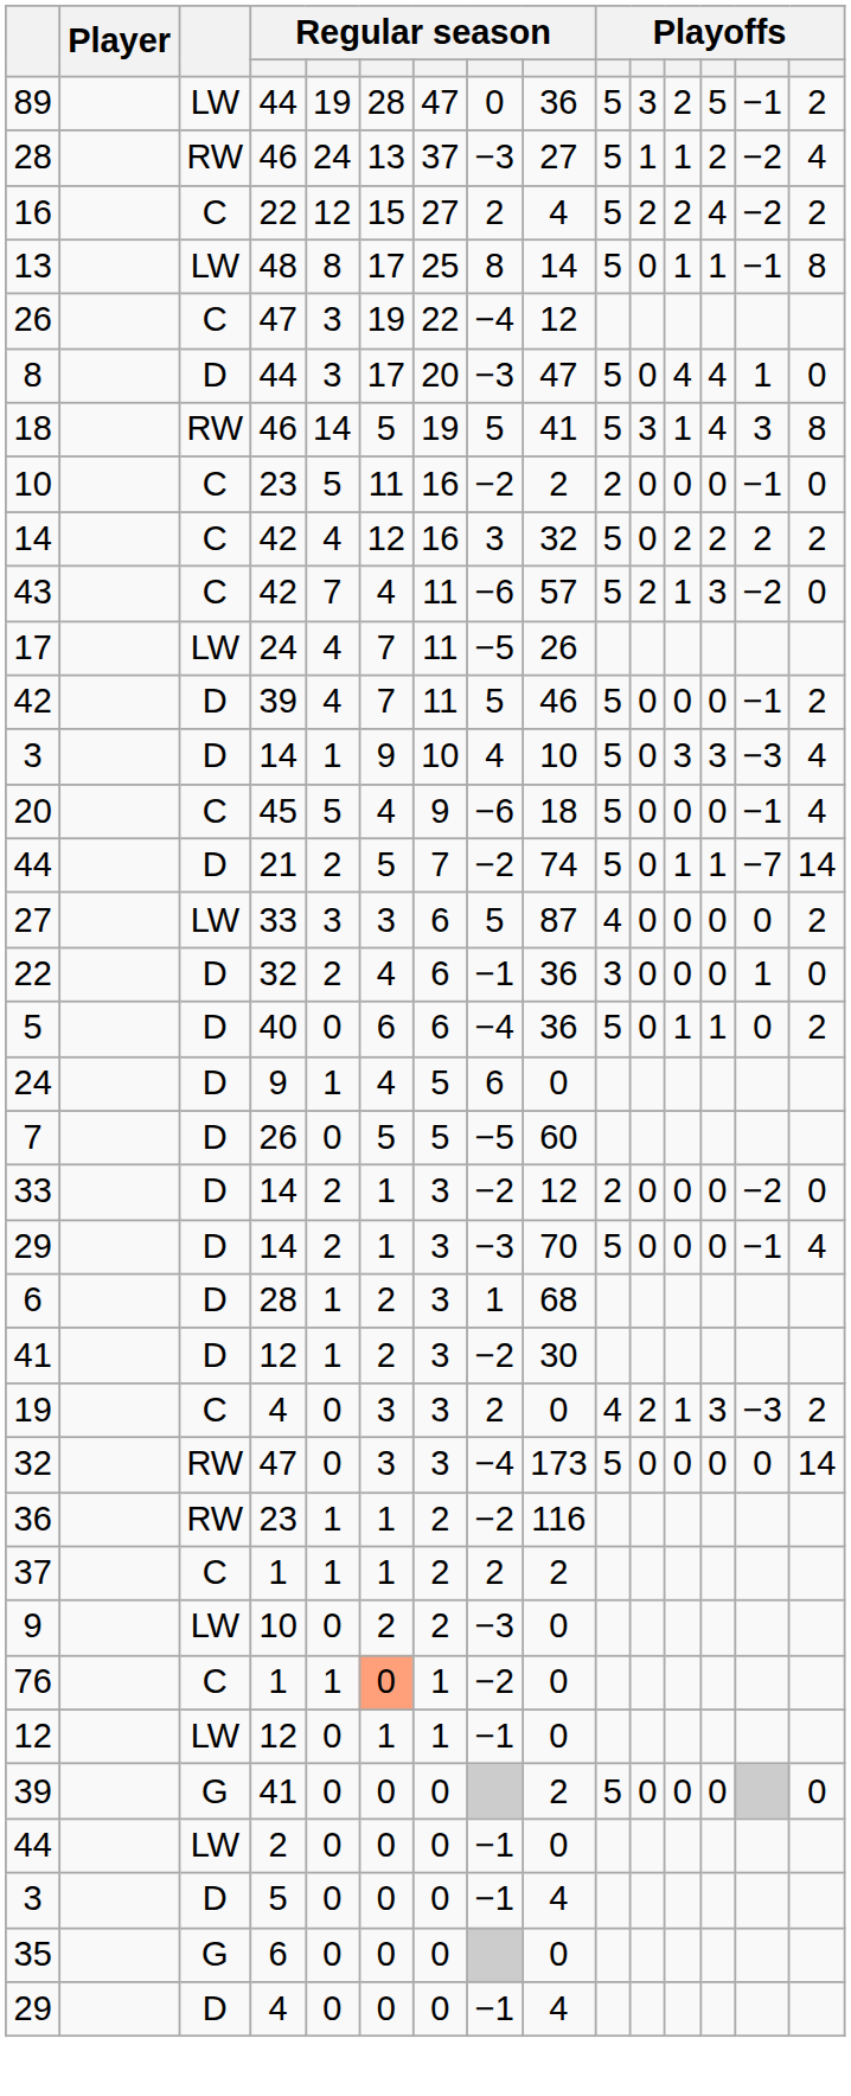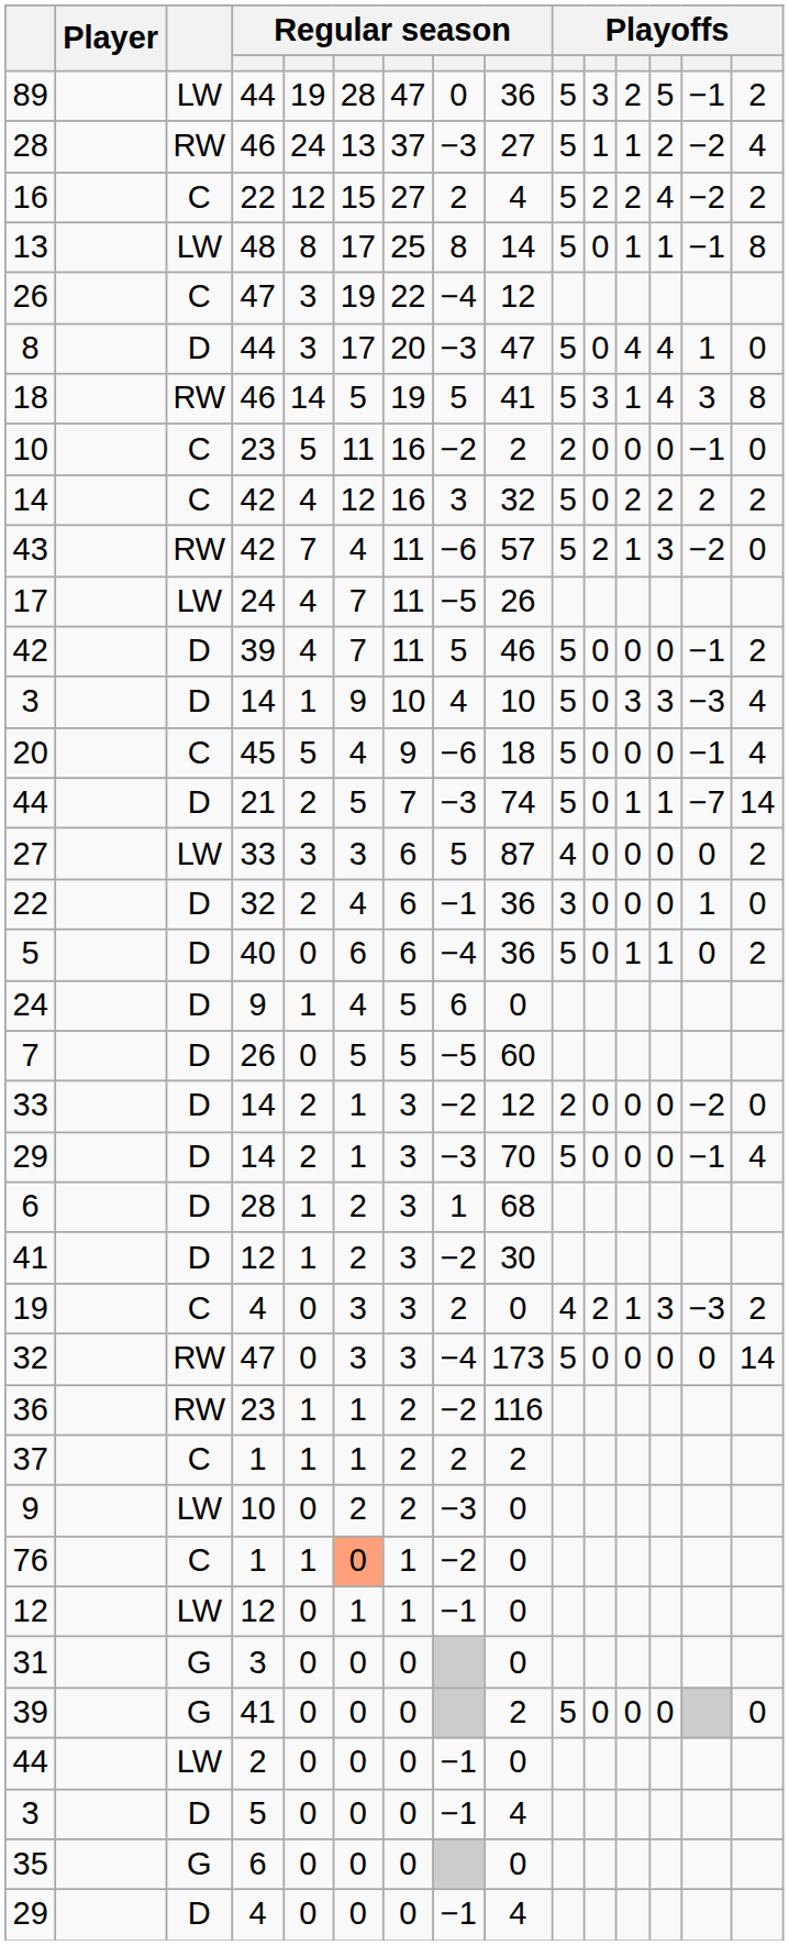 <table class="wikitable sortable plainrowheaders" style="text-align:center;">
 <tr>
 <th scope="col" data-sort-type="number" rowspan="2"></th>
 <th scope="col" rowspan="2">Player</th>
 <th scope="col" rowspan="2"></th>
 <th scope=colgroup colspan=6>Regular season</th>
 <th scope=colgroup colspan=6>Playoffs</th>
 </tr>
 <tr>
 <th scope="col" data-sort-type="number"></th>
 <th scope="col" data-sort-type="number"></th>
 <th scope="col" data-sort-type="number"></th>
 <th scope="col" data-sort-type="number"></th>
 <th scope="col" data-sort-type="number"></th>
 <th scope="col" data-sort-type="number"></th>
 <th scope="col" data-sort-type="number"></th>
 <th scope="col" data-sort-type="number"></th>
 <th scope="col" data-sort-type="number"></th>
 <th scope="col" data-sort-type="number"></th>
 <th scope="col" data-sort-type="number"></th>
 <th scope="col" data-sort-type="number"></th>
 </tr>
 <tr>
 <td scope="row">89</td>
 <td align="left"></td>
 <td>LW</td>
 <td>44</td>
 <td>19</td>
 <td>28</td>
 <td>47</td>
 <td>0</td>
 <td>36</td>
 <td>5</td>
 <td>3</td>
 <td>2</td>
 <td>5</td>
 <td>−1</td>
 <td>2</td>
 </tr>
 <tr>
 <td scope="row">28</td>
 <td align="left"></td>
 <td>RW</td>
 <td>46</td>
 <td>24</td>
 <td>13</td>
 <td>37</td>
 <td>−3</td>
 <td>27</td>
 <td>5</td>
 <td>1</td>
 <td>1</td>
 <td>2</td>
 <td>−2</td>
 <td>4</td>
 </tr>
 <tr>
 <td scope="row">16</td>
 <td align="left"></td>
 <td>C</td>
 <td>22</td>
 <td>12</td>
 <td>15</td>
 <td>27</td>
 <td>2</td>
 <td>4</td>
 <td>5</td>
 <td>2</td>
 <td>2</td>
 <td>4</td>
 <td>−2</td>
 <td>2</td>
 </tr>
 <tr>
 <td scope="row">13</td>
 <td align="left"></td>
 <td>LW</td>
 <td>48</td>
 <td>8</td>
 <td>17</td>
 <td>25</td>
 <td>8</td>
 <td>14</td>
 <td>5</td>
 <td>0</td>
 <td>1</td>
 <td>1</td>
 <td>−1</td>
 <td>8</td>
 </tr>
 <tr>
 <td scope="row">26</td>
 <td align="left"></td>
 <td>C</td>
 <td>47</td>
 <td>3</td>
 <td>19</td>
 <td>22</td>
 <td>−4</td>
 <td>12</td>
 <td></td>
 <td></td>
 <td></td>
 <td></td>
 <td></td>
 <td></td>
 </tr>
 <tr>
 <td scope="row">8</td>
 <td align="left"></td>
 <td>D</td>
 <td>44</td>
 <td>3</td>
 <td>17</td>
 <td>20</td>
 <td>−3</td>
 <td>47</td>
 <td>5</td>
 <td>0</td>
 <td>4</td>
 <td>4</td>
 <td>1</td>
 <td>0</td>
 </tr>
 <tr>
 <td scope="row">18</td>
 <td align="left"></td>
 <td>RW</td>
 <td>46</td>
 <td>14</td>
 <td>5</td>
 <td>19</td>
 <td>5</td>
 <td>41</td>
 <td>5</td>
 <td>3</td>
 <td>1</td>
 <td>4</td>
 <td>3</td>
 <td>8</td>
 </tr>
 <tr>
 <td scope="row">10</td>
 <td align="left"></td>
 <td>C</td>
 <td>23</td>
 <td>5</td>
 <td>11</td>
 <td>16</td>
 <td>−2</td>
 <td>2</td>
 <td>2</td>
 <td>0</td>
 <td>0</td>
 <td>0</td>
 <td>−1</td>
 <td>0</td>
 </tr>
 <tr>
 <td scope="row">14</td>
 <td align="left"></td>
 <td>C</td>
 <td>42</td>
 <td>4</td>
 <td>12</td>
 <td>16</td>
 <td>3</td>
 <td>32</td>
 <td>5</td>
 <td>0</td>
 <td>2</td>
 <td>2</td>
 <td>2</td>
 <td>2</td>
 </tr>
 <tr>
 <td scope="row">43</td>
 <td align="left"></td>
-<td>C</td>
+<td>RW</td>
 <td>42</td>
 <td>7</td>
 <td>4</td>
 <td>11</td>
 <td>−6</td>
 <td>57</td>
 <td>5</td>
 <td>2</td>
 <td>1</td>
 <td>3</td>
 <td>−2</td>
 <td>0</td>
 </tr>
 <tr>
 <td scope="row">17</td>
 <td align="left"></td>
 <td>LW</td>
 <td>24</td>
 <td>4</td>
 <td>7</td>
 <td>11</td>
 <td>−5</td>
 <td>26</td>
 <td></td>
 <td></td>
 <td></td>
 <td></td>
 <td></td>
 <td></td>
 </tr>
 <tr>
 <td scope="row">42</td>
 <td align="left"></td>
 <td>D</td>
 <td>39</td>
 <td>4</td>
 <td>7</td>
 <td>11</td>
 <td>5</td>
 <td>46</td>
 <td>5</td>
 <td>0</td>
 <td>0</td>
 <td>0</td>
 <td>−1</td>
 <td>2</td>
 </tr>
 <tr>
 <td scope="row">3</td>
 <td align="left"></td>
 <td>D</td>
 <td>14</td>
 <td>1</td>
 <td>9</td>
 <td>10</td>
 <td>4</td>
 <td>10</td>
 <td>5</td>
 <td>0</td>
 <td>3</td>
 <td>3</td>
 <td>−3</td>
 <td>4</td>
 </tr>
 <tr>
 <td scope="row">20</td>
 <td align="left"></td>
 <td>C</td>
 <td>45</td>
 <td>5</td>
 <td>4</td>
 <td>9</td>
 <td>−6</td>
 <td>18</td>
 <td>5</td>
 <td>0</td>
 <td>0</td>
 <td>0</td>
 <td>−1</td>
 <td>4</td>
 </tr>
 <tr>
 <td scope="row">44</td>
 <td align="left"></td>
 <td>D</td>
 <td>21</td>
 <td>2</td>
 <td>5</td>
 <td>7</td>
-<td>−2</td>
+<td>−3</td>
 <td>74</td>
 <td>5</td>
 <td>0</td>
 <td>1</td>
 <td>1</td>
 <td>−7</td>
 <td>14</td>
 </tr>
 <tr>
 <td scope="row">27</td>
 <td align="left"></td>
 <td>LW</td>
 <td>33</td>
 <td>3</td>
 <td>3</td>
 <td>6</td>
 <td>5</td>
 <td>87</td>
 <td>4</td>
 <td>0</td>
 <td>0</td>
 <td>0</td>
 <td>0</td>
 <td>2</td>
 </tr>
 <tr>
 <td scope="row">22</td>
 <td align="left"></td>
 <td>D</td>
 <td>32</td>
 <td>2</td>
 <td>4</td>
 <td>6</td>
 <td>−1</td>
 <td>36</td>
 <td>3</td>
 <td>0</td>
 <td>0</td>
 <td>0</td>
 <td>1</td>
 <td>0</td>
 </tr>
 <tr>
 <td scope="row">5</td>
 <td align="left"></td>
 <td>D</td>
 <td>40</td>
 <td>0</td>
 <td>6</td>
 <td>6</td>
 <td>−4</td>
 <td>36</td>
 <td>5</td>
 <td>0</td>
 <td>1</td>
 <td>1</td>
 <td>0</td>
 <td>2</td>
 </tr>
 <tr>
 <td scope="row">24</td>
 <td align="left"></td>
 <td>D</td>
 <td>9</td>
 <td>1</td>
 <td>4</td>
 <td>5</td>
 <td>6</td>
 <td>0</td>
 <td></td>
 <td></td>
 <td></td>
 <td></td>
 <td></td>
 <td></td>
 </tr>
 <tr>
 <td scope="row">7</td>
 <td align="left"></td>
 <td>D</td>
 <td>26</td>
 <td>0</td>
 <td>5</td>
 <td>5</td>
 <td>−5</td>
 <td>60</td>
 <td></td>
 <td></td>
 <td></td>
 <td></td>
 <td></td>
 <td></td>
 </tr>
 <tr>
 <td scope="row">33</td>
 <td align="left"></td>
 <td>D</td>
 <td>14</td>
 <td>2</td>
 <td>1</td>
 <td>3</td>
 <td>−2</td>
 <td>12</td>
 <td>2</td>
 <td>0</td>
 <td>0</td>
 <td>0</td>
 <td>−2</td>
 <td>0</td>
 </tr>
 <tr>
 <td scope="row">29</td>
 <td align="left"></td>
 <td>D</td>
 <td>14</td>
 <td>2</td>
 <td>1</td>
 <td>3</td>
 <td>−3</td>
 <td>70</td>
 <td>5</td>
 <td>0</td>
 <td>0</td>
 <td>0</td>
 <td>−1</td>
 <td>4</td>
 </tr>
 <tr>
 <td scope="row">6</td>
 <td align="left"></td>
 <td>D</td>
 <td>28</td>
 <td>1</td>
 <td>2</td>
 <td>3</td>
 <td>1</td>
 <td>68</td>
 <td></td>
 <td></td>
 <td></td>
 <td></td>
 <td></td>
 <td></td>
 </tr>
 <tr>
 <td scope="row">41</td>
 <td align="left"></td>
 <td>D</td>
 <td>12</td>
 <td>1</td>
 <td>2</td>
 <td>3</td>
 <td>−2</td>
 <td>30</td>
 <td></td>
 <td></td>
 <td></td>
 <td></td>
 <td></td>
 <td></td>
 </tr>
 <tr>
 <td scope="row">19</td>
 <td align="left"></td>
 <td>C</td>
 <td>4</td>
 <td>0</td>
 <td>3</td>
 <td>3</td>
 <td>2</td>
 <td>0</td>
 <td>4</td>
 <td>2</td>
 <td>1</td>
 <td>3</td>
 <td>−3</td>
 <td>2</td>
 </tr>
 <tr>
 <td scope="row">32</td>
 <td align="left"></td>
 <td>RW</td>
 <td>47</td>
 <td>0</td>
 <td>3</td>
 <td>3</td>
 <td>−4</td>
 <td>173</td>
 <td>5</td>
 <td>0</td>
 <td>0</td>
 <td>0</td>
 <td>0</td>
 <td>14</td>
 </tr>
 <tr>
 <td scope="row">36</td>
 <td align="left"></td>
 <td>RW</td>
 <td>23</td>
 <td>1</td>
 <td>1</td>
 <td>2</td>
 <td>−2</td>
 <td>116</td>
 <td></td>
 <td></td>
 <td></td>
 <td></td>
 <td></td>
 <td></td>
 </tr>
 <tr>
 <td scope="row">37</td>
 <td align="left"></td>
 <td>C</td>
 <td>1</td>
 <td>1</td>
 <td>1</td>
 <td>2</td>
 <td>2</td>
 <td>2</td>
 <td></td>
 <td></td>
 <td></td>
 <td></td>
 <td></td>
 <td></td>
 </tr>
 <tr>
 <td scope="row">9</td>
 <td align="left"></td>
 <td>LW</td>
 <td>10</td>
 <td>0</td>
 <td>2</td>
 <td>2</td>
 <td>−3</td>
 <td>0</td>
 <td></td>
 <td></td>
 <td></td>
 <td></td>
 <td></td>
 <td></td>
 </tr>
 <tr>
 <td scope="row">76</td>
 <td align="left"></td>
 <td>C</td>
 <td>1</td>
 <td>1</td>
 <td style="background: lightsalmon;">0</td>
 <td>1</td>
 <td>−2</td>
 <td>0</td>
 <td></td>
 <td></td>
 <td></td>
 <td></td>
 <td></td>
 <td></td>
 </tr>
 <tr>
 <td scope="row">12</td>
 <td align="left"></td>
 <td>LW</td>
 <td>12</td>
 <td>0</td>
 <td>1</td>
 <td>1</td>
 <td>−1</td>
 <td>0</td>
 <td></td>
 <td></td>
 <td></td>
 <td></td>
 <td></td>
 <td></td>
 </tr>
 <tr>
+<td scope="row">31</td>
+<td align="left"></td>
+<td>G</td>
+<td>3</td>
+<td>0</td>
+<td>0</td>
+<td>0</td>
+<td style="background:#ccc"></td>
+<td>0</td>
+<td></td>
+<td></td>
+<td></td>
+<td></td>
+<td></td>
+<td></td>
+</tr>
+<tr>
 <td scope="row">39</td>
 <td align="left"></td>
 <td>G</td>
 <td>41</td>
 <td>0</td>
 <td>0</td>
 <td>0</td>
 <td style="background:#ccc"></td>
 <td>2</td>
 <td>5</td>
 <td>0</td>
 <td>0</td>
 <td>0</td>
 <td style="background:#ccc"></td>
 <td>0</td>
 </tr>
 <tr>
 <td scope="row">44</td>
 <td align="left"></td>
 <td>LW</td>
 <td>2</td>
 <td>0</td>
 <td>0</td>
 <td>0</td>
 <td>−1</td>
 <td>0</td>
 <td></td>
 <td></td>
 <td></td>
 <td></td>
 <td></td>
 <td></td>
 </tr>
 <tr>
 <td scope="row">3</td>
 <td align="left"></td>
 <td>D</td>
 <td>5</td>
 <td>0</td>
 <td>0</td>
 <td>0</td>
 <td>−1</td>
 <td>4</td>
 <td></td>
 <td></td>
 <td></td>
 <td></td>
 <td></td>
 <td></td>
 </tr>
 <tr>
 <td scope="row">35</td>
 <td align="left"></td>
 <td>G</td>
 <td>6</td>
 <td>0</td>
 <td>0</td>
 <td>0</td>
 <td style="background:#ccc"></td>
 <td>0</td>
 <td></td>
 <td></td>
 <td></td>
 <td></td>
 <td></td>
 <td></td>
 </tr>
 <tr>
 <td scope="row">29</td>
 <td align="left"></td>
 <td>D</td>
 <td>4</td>
 <td>0</td>
 <td>0</td>
 <td>0</td>
 <td>−1</td>
 <td>4</td>
 <td></td>
 <td></td>
 <td></td>
 <td></td>
 <td></td>
 <td></td>
 </tr>
 </table>
